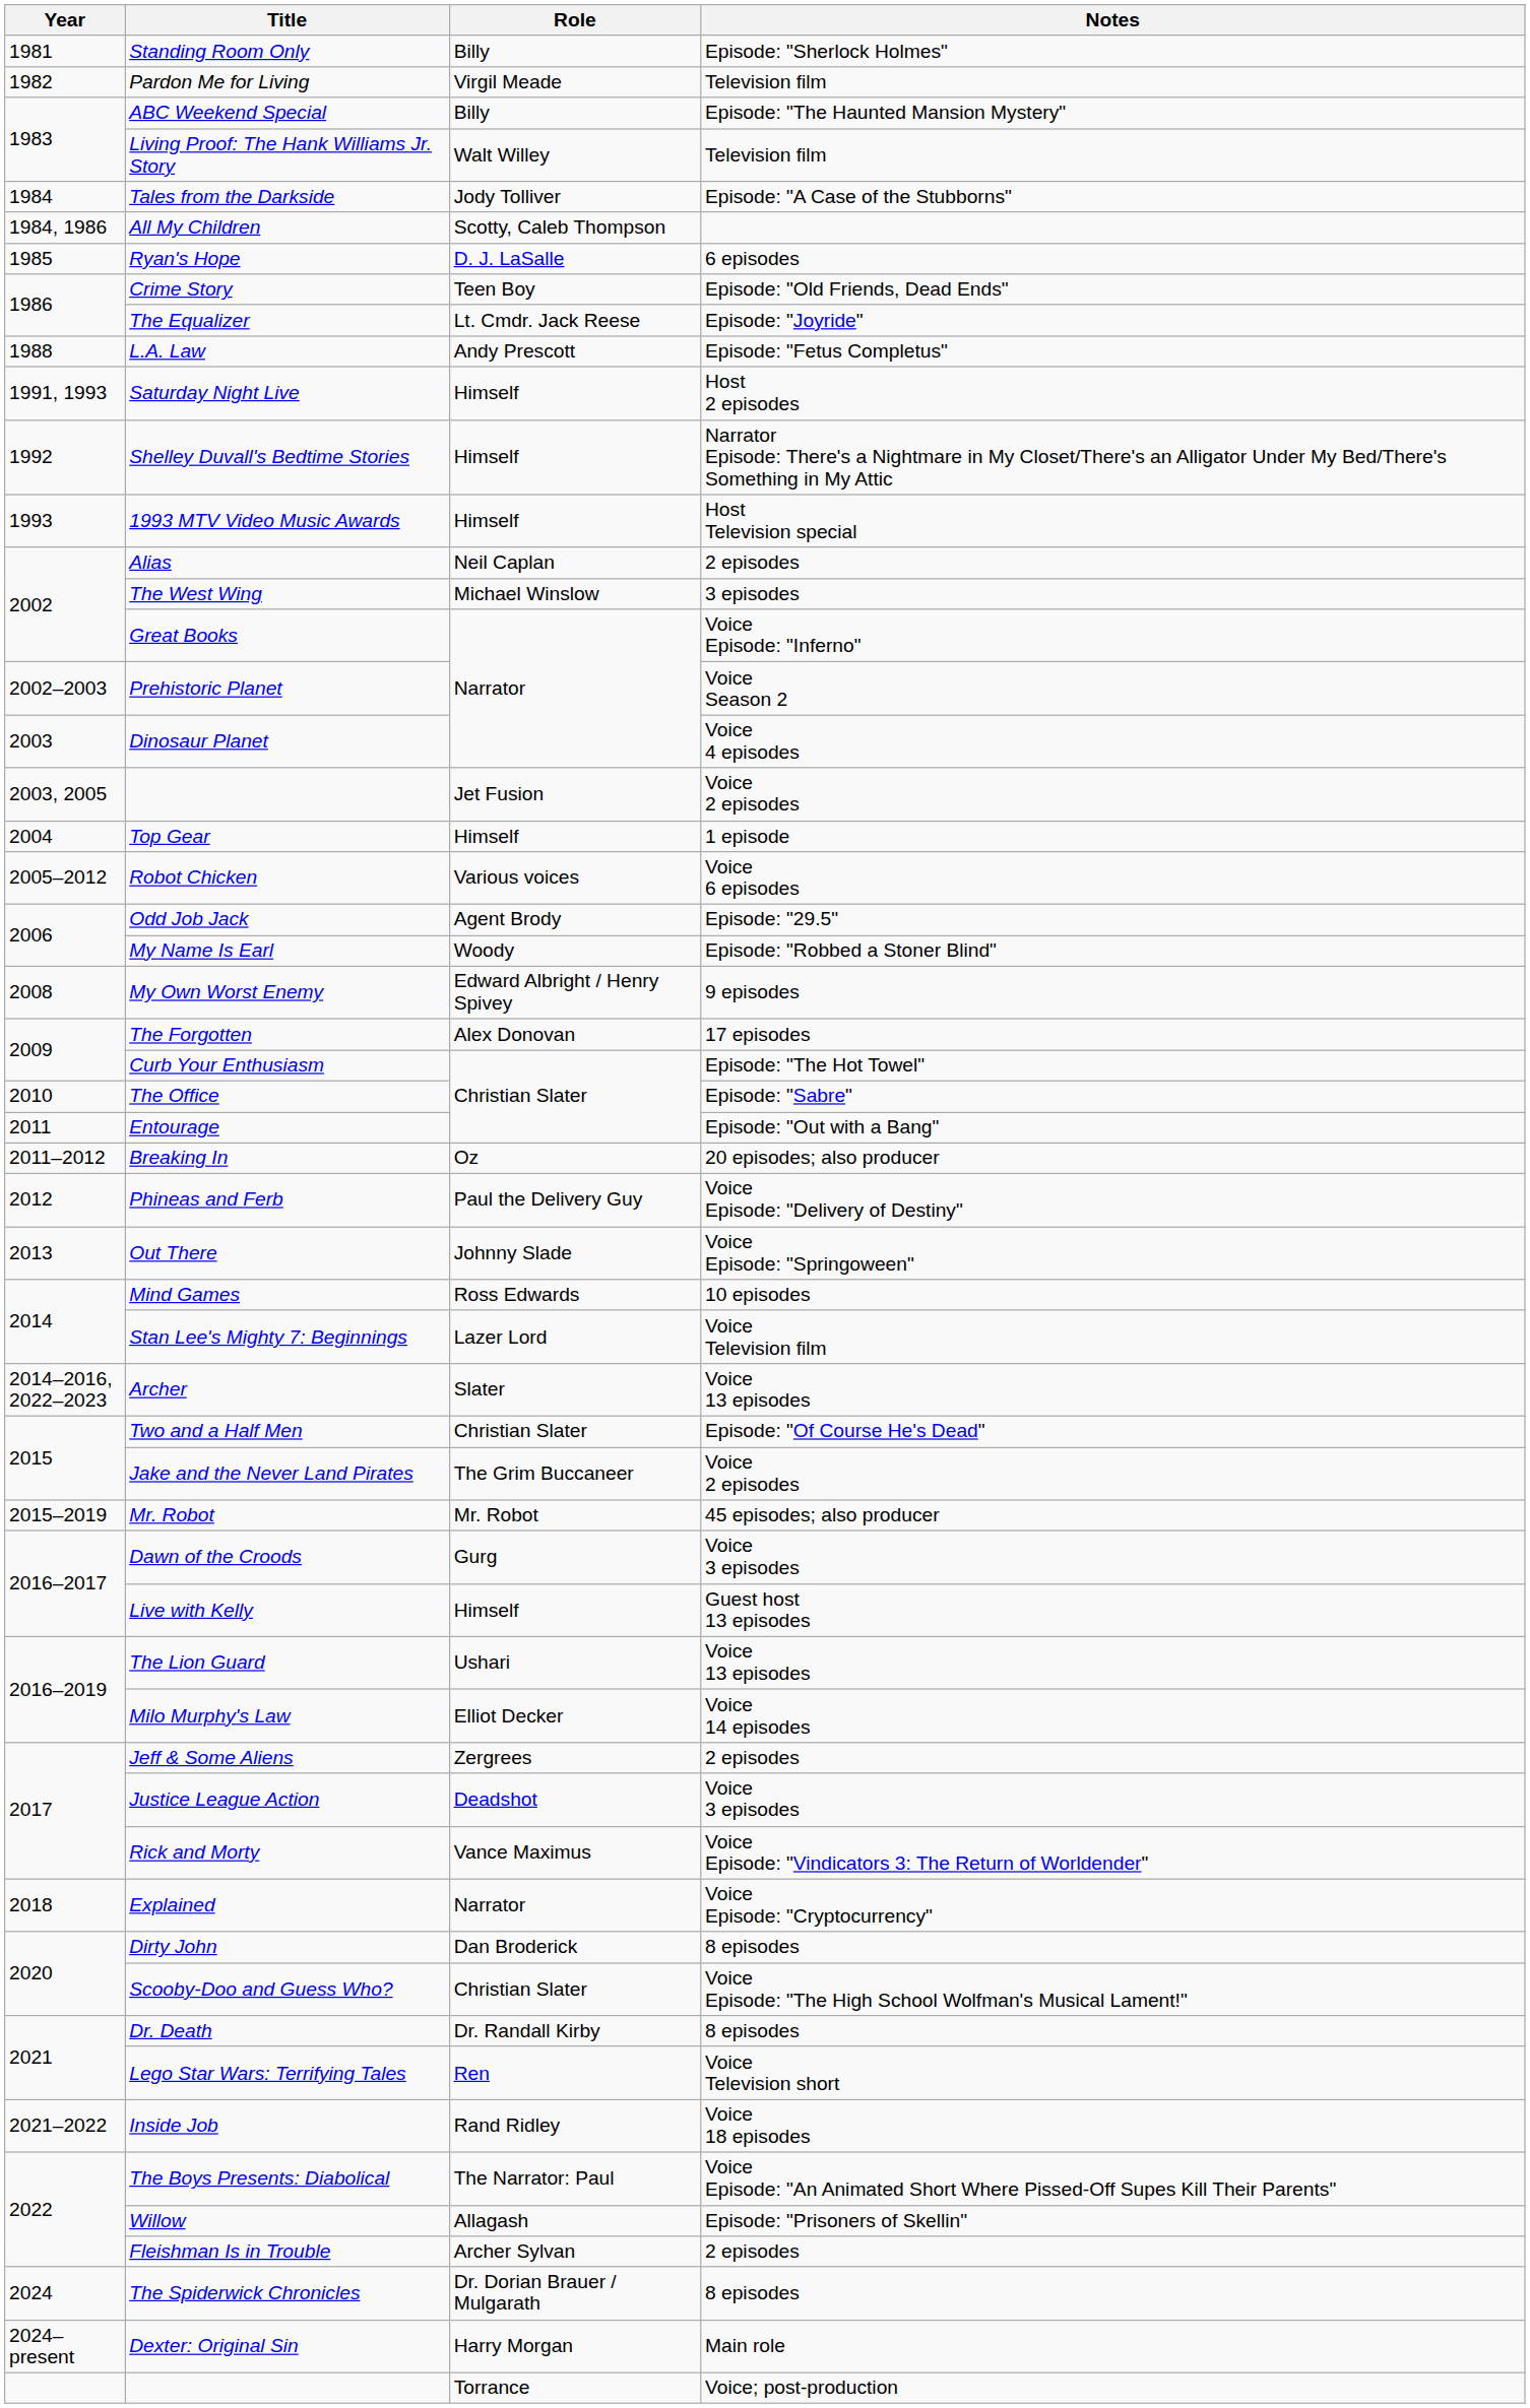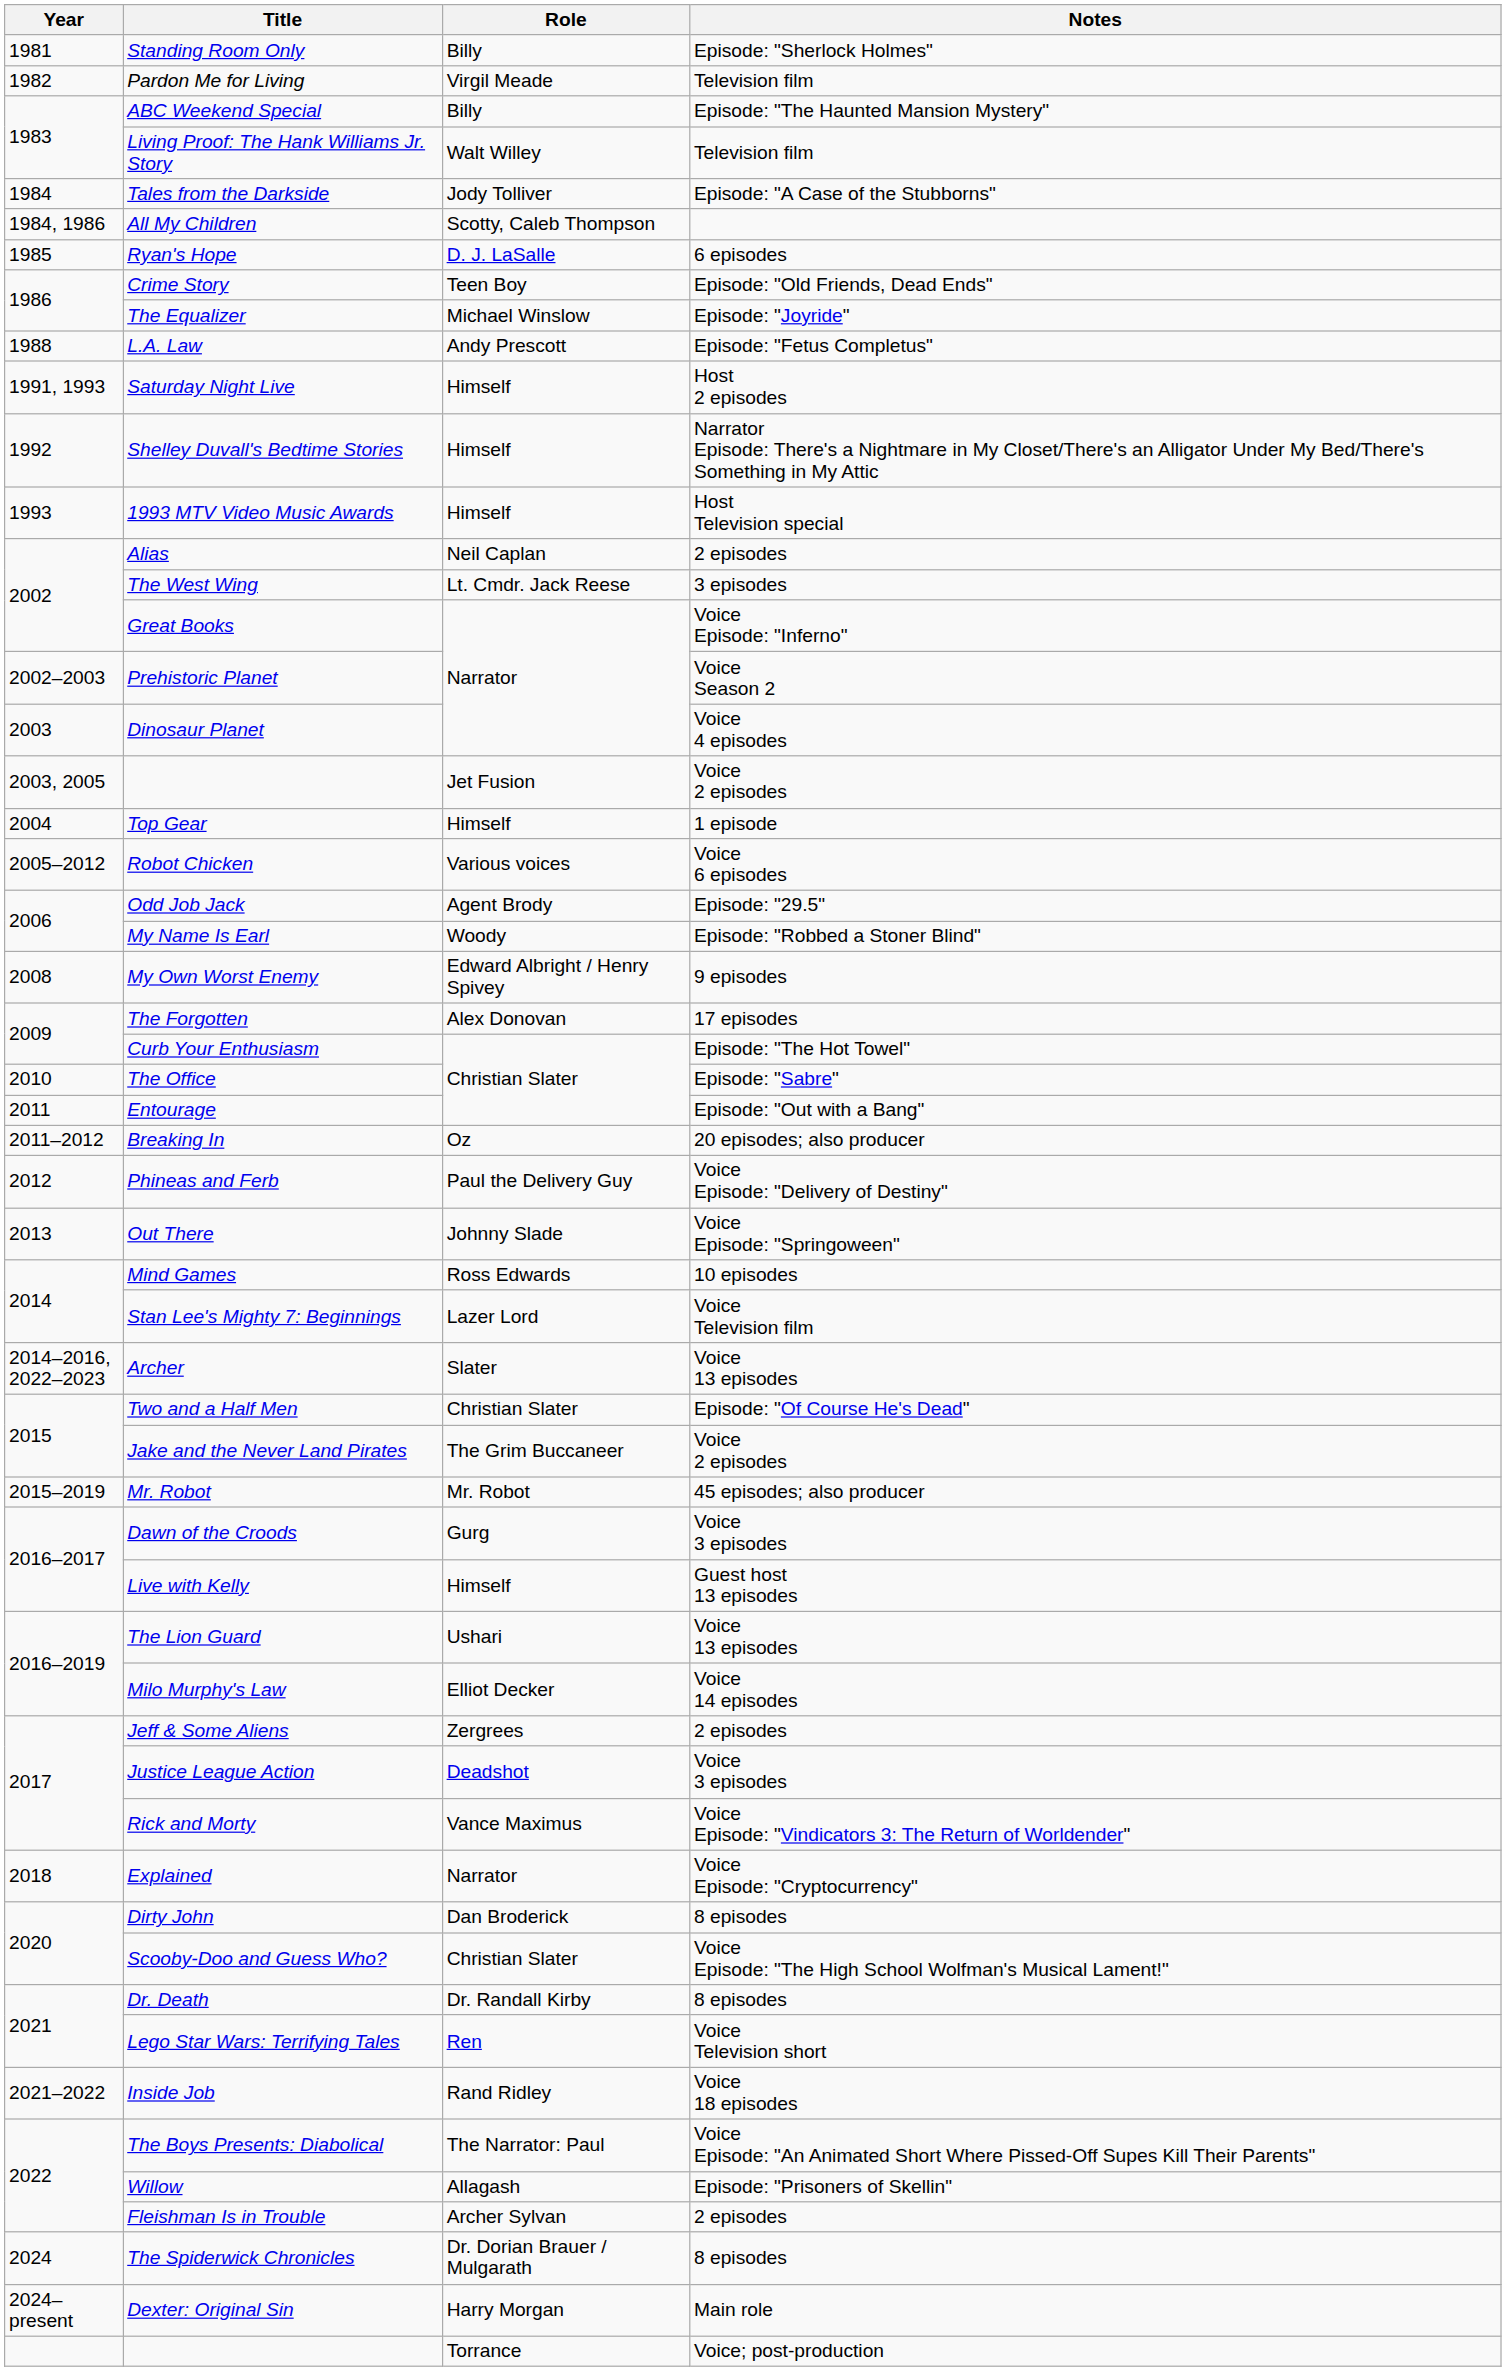 <table class = "wikitable sortable">
 <tr>
 <th>Year</th>
 <th>Title</th>
 <th>Role</th>
 <th class = "unsortable">Notes</th>
 </tr>
 <tr>
 <td>1981</td>
 <td><em><a href='#'>Standing Room Only</a></em></td>
 <td>Billy</td>
 <td>Episode: "Sherlock Holmes"</td>
 </tr>
 <tr>
 <td>1982</td>
 <td><em>Pardon Me for Living</em></td>
 <td>Virgil Meade</td>
 <td>Television film</td>
 </tr>
 <tr>
 <td rowspan="2">1983</td>
 <td><em><a href='#'>ABC Weekend Special</a></em></td>
 <td>Billy</td>
 <td>Episode: "The Haunted Mansion Mystery"</td>
 </tr>
 <tr>
 <td><em><a href='#'>Living Proof: The Hank Williams Jr. Story</a></em></td>
 <td>Walt Willey</td>
 <td>Television film</td>
 </tr>
 <tr>
 <td>1984</td>
 <td><em><a href='#'>Tales from the Darkside</a></em></td>
 <td>Jody Tolliver</td>
 <td>Episode: "A Case of the Stubborns"</td>
 </tr>
 <tr>
 <td>1984, 1986</td>
 <td><em><a href='#'>All My Children</a></em></td>
 <td>Scotty, Caleb Thompson</td>
 <td></td>
 </tr>
 <tr>
 <td>1985</td>
 <td><em><a href='#'>Ryan's Hope</a></em></td>
 <td><a href='#'>D. J. LaSalle</a></td>
 <td>6 episodes</td>
 </tr>
 <tr>
 <td rowspan="2">1986</td>
 <td><em><a href='#'>Crime Story</a></em></td>
 <td>Teen Boy</td>
 <td>Episode: "Old Friends, Dead Ends"</td>
 </tr>
 <tr>
 <td><em><a href='#'>The Equalizer</a></em></td>
-<td>Lt. Cmdr. Jack Reese</td>
+<td>Michael Winslow</td>
 <td>Episode: "<a href='#'>Joyride</a>"</td>
 </tr>
 <tr>
 <td>1988</td>
 <td><em><a href='#'>L.A. Law</a></em></td>
 <td>Andy Prescott</td>
 <td>Episode: "Fetus Completus"</td>
 </tr>
 <tr>
 <td>1991, 1993</td>
 <td><em><a href='#'>Saturday Night Live</a></em></td>
 <td>Himself</td>
 <td>Host<br>2 episodes</td>
 </tr>
 <tr>
 <td>1992</td>
 <td><em><a href='#'>Shelley Duvall's Bedtime Stories</a></em></td>
 <td>Himself</td>
 <td>Narrator<br>Episode: There's a Nightmare in My Closet/There's an Alligator Under My Bed/There's Something in My Attic</td>
 </tr>
 <tr>
 <td>1993</td>
 <td><em><a href='#'>1993 MTV Video Music Awards</a></em></td>
 <td>Himself</td>
 <td>Host<br>Television special</td>
 </tr>
 <tr>
 <td rowspan="3">2002</td>
 <td><em><a href='#'>Alias</a></em></td>
 <td>Neil Caplan</td>
 <td>2 episodes</td>
 </tr>
 <tr>
 <td><em><a href='#'>The West Wing</a></em></td>
-<td>Michael Winslow</td>
+<td>Lt. Cmdr. Jack Reese</td>
 <td>3 episodes</td>
 </tr>
 <tr>
 <td><em><a href='#'>Great Books</a></em></td>
 <td rowspan="3">Narrator</td>
 <td>Voice<br>Episode: "Inferno"</td>
 </tr>
 <tr>
 <td>2002–2003</td>
 <td><em><a href='#'>Prehistoric Planet</a></em></td>
 <td>Voice<br>Season 2</td>
 </tr>
 <tr>
 <td>2003</td>
 <td><em><a href='#'>Dinosaur Planet</a></em></td>
 <td>Voice<br>4 episodes</td>
 </tr>
 <tr>
 <td>2003, 2005</td>
 <td><em></em></td>
 <td>Jet Fusion</td>
 <td>Voice<br>2 episodes</td>
 </tr>
 <tr>
 <td>2004</td>
 <td><em><a href='#'>Top Gear</a></em></td>
 <td>Himself</td>
 <td>1 episode</td>
 </tr>
 <tr>
 <td>2005–2012</td>
 <td><em><a href='#'>Robot Chicken</a></em></td>
 <td>Various voices</td>
 <td>Voice<br>6 episodes</td>
 </tr>
 <tr>
 <td rowspan="2">2006</td>
 <td><em><a href='#'>Odd Job Jack</a></em></td>
 <td>Agent Brody</td>
 <td>Episode: "29.5"</td>
 </tr>
 <tr>
 <td><em><a href='#'>My Name Is Earl</a></em></td>
 <td>Woody</td>
 <td>Episode: "Robbed a Stoner Blind"</td>
 </tr>
 <tr>
 <td>2008</td>
 <td><em><a href='#'>My Own Worst Enemy</a></em></td>
 <td>Edward Albright / Henry Spivey</td>
 <td>9 episodes</td>
 </tr>
 <tr>
 <td rowspan="2">2009</td>
 <td><em><a href='#'>The Forgotten</a></em></td>
 <td>Alex Donovan</td>
 <td>17 episodes</td>
 </tr>
 <tr>
 <td><em><a href='#'>Curb Your Enthusiasm</a></em></td>
 <td rowspan="3">Christian Slater</td>
 <td>Episode: "The Hot Towel"</td>
 </tr>
 <tr>
 <td>2010</td>
 <td><em><a href='#'>The Office</a></em></td>
 <td>Episode: "<a href='#'>Sabre</a>"</td>
 </tr>
 <tr>
 <td>2011</td>
 <td><em><a href='#'>Entourage</a></em></td>
 <td>Episode: "Out with a Bang"</td>
 </tr>
 <tr>
 <td>2011–2012</td>
 <td><em><a href='#'>Breaking In</a></em></td>
 <td>Oz</td>
 <td>20 episodes; also producer</td>
 </tr>
 <tr>
 <td>2012</td>
 <td><em><a href='#'>Phineas and Ferb</a></em></td>
 <td>Paul the Delivery Guy</td>
 <td>Voice<br>Episode: "Delivery of Destiny"</td>
 </tr>
 <tr>
 <td>2013</td>
 <td><em><a href='#'>Out There</a></em></td>
 <td>Johnny Slade</td>
 <td>Voice<br>Episode: "Springoween"</td>
 </tr>
 <tr>
 <td rowspan="2">2014</td>
 <td><em><a href='#'>Mind Games</a></em></td>
 <td>Ross Edwards</td>
 <td>10 episodes</td>
 </tr>
 <tr>
 <td><em><a href='#'>Stan Lee's Mighty 7: Beginnings</a></em></td>
 <td>Lazer Lord</td>
 <td>Voice<br>Television film</td>
 </tr>
 <tr>
 <td>2014–2016,<br>2022–2023</td>
 <td><em><a href='#'>Archer</a></em></td>
 <td>Slater</td>
 <td>Voice<br>13 episodes</td>
 </tr>
 <tr>
 <td rowspan="2">2015</td>
 <td><em><a href='#'>Two and a Half Men</a></em></td>
 <td>Christian Slater</td>
 <td>Episode: "<a href='#'>Of Course He's Dead</a>"</td>
 </tr>
 <tr>
 <td><em><a href='#'>Jake and the Never Land Pirates</a></em></td>
 <td>The Grim Buccaneer</td>
 <td>Voice<br>2 episodes</td>
 </tr>
 <tr>
 <td>2015–2019</td>
 <td><em><a href='#'>Mr. Robot</a></em></td>
 <td>Mr. Robot</td>
 <td>45 episodes; also producer</td>
 </tr>
 <tr>
 <td rowspan="2">2016–2017</td>
 <td><em><a href='#'>Dawn of the Croods</a></em></td>
 <td>Gurg</td>
 <td>Voice<br>3 episodes</td>
 </tr>
 <tr>
 <td><em><a href='#'>Live with Kelly</a></em></td>
 <td>Himself</td>
 <td>Guest host<br>13 episodes</td>
 </tr>
 <tr>
 <td rowspan="2">2016–2019</td>
 <td><em><a href='#'>The Lion Guard</a></em></td>
 <td>Ushari</td>
 <td>Voice<br>13 episodes</td>
 </tr>
 <tr>
 <td><em><a href='#'>Milo Murphy's Law</a></em></td>
 <td>Elliot Decker</td>
 <td>Voice<br>14 episodes</td>
 </tr>
 <tr>
 <td rowspan="3">2017</td>
 <td><em><a href='#'>Jeff & Some Aliens</a></em></td>
 <td>Zergrees</td>
 <td>2 episodes</td>
 </tr>
 <tr>
 <td><em><a href='#'>Justice League Action</a></em></td>
 <td><a href='#'>Deadshot</a></td>
 <td>Voice<br>3 episodes</td>
 </tr>
 <tr>
 <td><em><a href='#'>Rick and Morty</a></em></td>
 <td>Vance Maximus</td>
 <td>Voice<br>Episode: "<a href='#'>Vindicators 3: The Return of Worldender</a>"</td>
 </tr>
 <tr>
 <td>2018</td>
 <td><em><a href='#'>Explained</a></em></td>
 <td>Narrator</td>
 <td>Voice<br>Episode: "Cryptocurrency"</td>
 </tr>
 <tr>
 <td rowspan="2">2020</td>
 <td><em><a href='#'>Dirty John</a></em></td>
 <td>Dan Broderick</td>
 <td>8 episodes</td>
 </tr>
 <tr>
 <td><em><a href='#'>Scooby-Doo and Guess Who?</a></em></td>
 <td>Christian Slater </td>
 <td>Voice<br>Episode: "The High School Wolfman's Musical Lament!"</td>
 </tr>
 <tr>
 <td rowspan="2">2021</td>
 <td><em><a href='#'>Dr. Death</a></em></td>
 <td>Dr. Randall Kirby</td>
 <td>8 episodes</td>
 </tr>
 <tr>
 <td><em><a href='#'>Lego Star Wars: Terrifying Tales</a></em></td>
 <td><a href='#'>Ren</a></td>
 <td>Voice<br>Television short</td>
 </tr>
 <tr>
 <td>2021–2022</td>
 <td><em><a href='#'>Inside Job</a></em></td>
 <td>Rand Ridley</td>
 <td>Voice<br>18 episodes</td>
 </tr>
 <tr>
 <td rowspan="3">2022</td>
 <td><em><a href='#'>The Boys Presents: Diabolical</a></em></td>
 <td>The Narrator: Paul</td>
 <td>Voice<br>Episode: "An Animated Short Where Pissed-Off Supes Kill Their Parents"</td>
 </tr>
 <tr>
 <td><em><a href='#'>Willow</a></em></td>
 <td>Allagash</td>
 <td>Episode: "Prisoners of Skellin"</td>
 </tr>
 <tr>
 <td><em><a href='#'>Fleishman Is in Trouble</a></em></td>
 <td>Archer Sylvan</td>
 <td>2 episodes</td>
 </tr>
 <tr>
 <td>2024</td>
 <td><em><a href='#'>The Spiderwick Chronicles</a></em></td>
 <td>Dr. Dorian Brauer / Mulgarath</td>
 <td>8 episodes</td>
 </tr>
 <tr>
 <td>2024–present</td>
 <td><em><a href='#'>Dexter: Original Sin</a></em></td>
 <td>Harry Morgan</td>
 <td>Main role</td>
 </tr>
 <tr>
 <td></td>
 <td></td>
 <td>Torrance</td>
 <td>Voice; post-production</td>
 </tr>
 </table>
